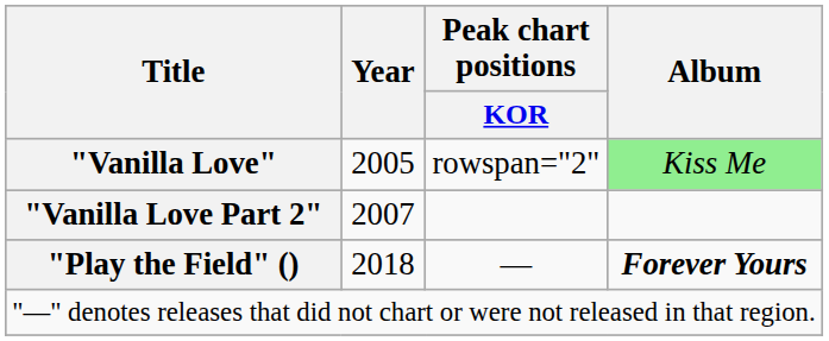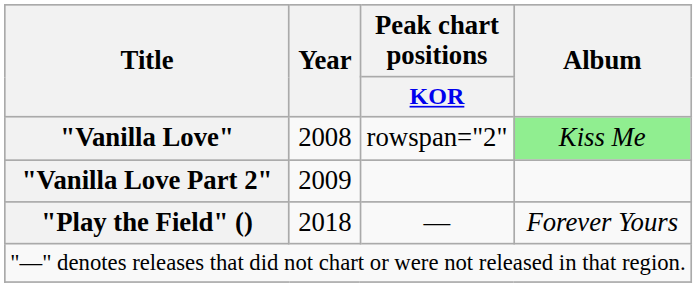 <table class="wikitable plainrowheaders" style="text-align:center;">
 <tr>
 <th scope="col" rowspan="2">Title</th>
 <th scope="col" rowspan="2">Year</th>
 <th scope="col">Peak chart positions</th>
 <th scope="col" rowspan="2">Album</th>
 </tr>
 <tr>
 <th scope="col" style="width:3em;font-size:90%;"><a href='#'>KOR</a><br></th>
 </tr>
 <tr>
 <th scope="row">"Vanilla Love"<br></th>
-<td>2005</td>
+<td>2008</td>
 <td>rowspan="2" </td>
 <td style="background: lightgreen;"><em>Kiss Me</em></td>
 </tr>
 <tr>
 <th scope="row">"Vanilla Love Part 2"<br></th>
-<td>2007</td>
+<td>2009</td>
 <td></td>
 </tr>
 <tr>
 <th scope="row">"Play the Field" ()<br></th>
 <td>2018</td>
 <td>—</td>
-<td><strong><em>Forever Yours</em></strong></td>
+<td><em>Forever Yours</em></td>
 </tr>
 <tr>
 <td colspan="4" style="text-align:center; font-size:85%">"—" denotes releases that did not chart or were not released in that region.</td>
 </tr>
 </table>
